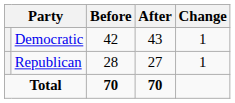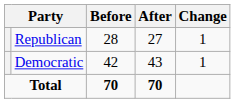 <table class="wikitable" style="text-align:center;">
 <tr>
 <th colspan="2">Party</th>
 <th>Before</th>
 <th>After</th>
 <th>Change</th>
 </tr>
 <tr>
 <th style="background-color:"></th>
-<td style="text-align:left;"><a href='#'>Democratic</a></td>
-<td>42</td>
-<td>43</td>
+<td style="text-align:left;"><a href='#'>Republican</a></td>
+<td>28</td>
+<td>27</td>
 <td> 1</td>
 </tr>
 <tr>
 <th style="background-color:"></th>
-<td style="text-align:left;"><a href='#'>Republican</a></td>
-<td>28</td>
-<td>27</td>
+<td style="text-align:left;"><a href='#'>Democratic</a></td>
+<td>42</td>
+<td>43</td>
 <td> 1</td>
 </tr>
 <tr>
 <td colspan="2"><strong>Total</strong></td>
 <td><strong>70</strong></td>
 <td><strong>70</strong></td>
 <td></td>
 </tr>
 </table>
